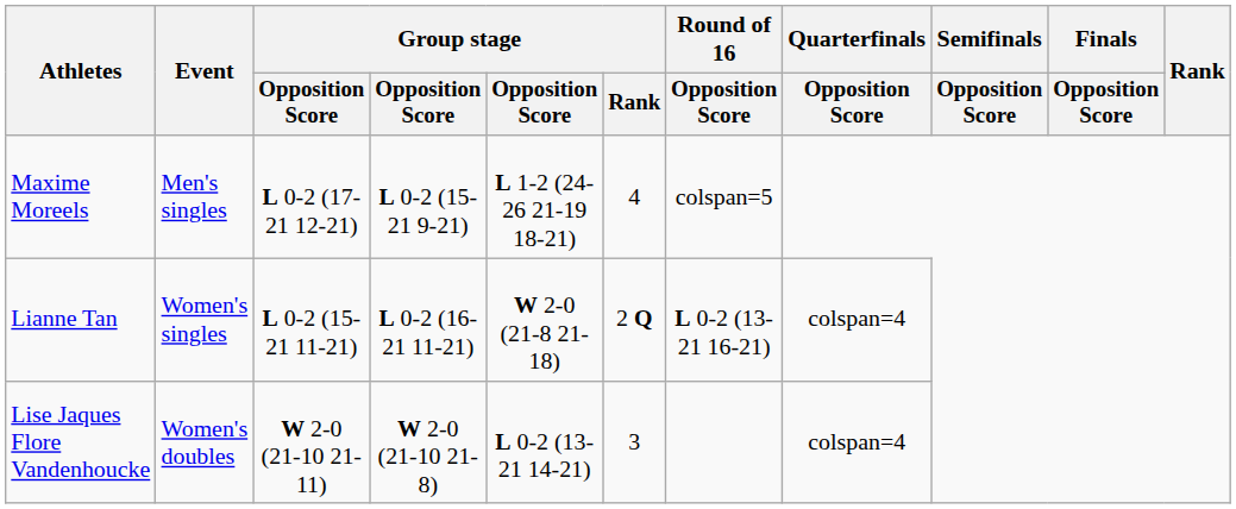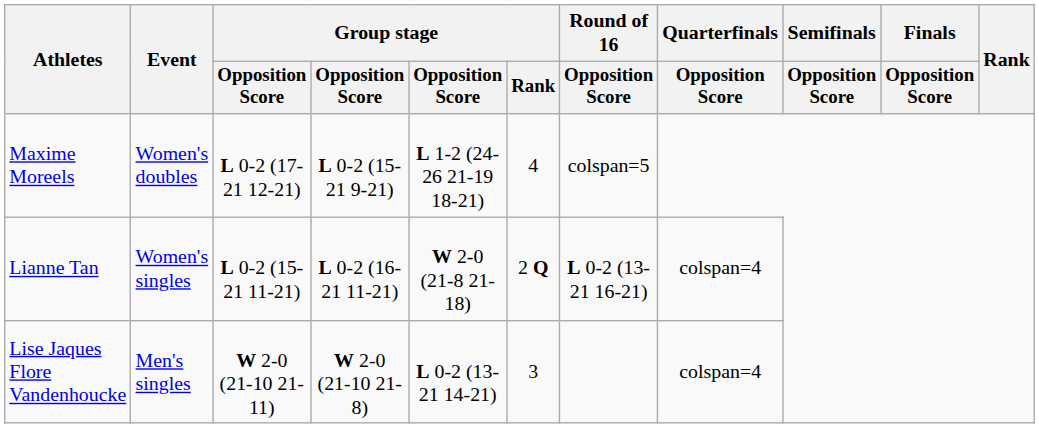 <table class=wikitable style="font-size:90%">
 <tr>
 <th rowspan="2">Athletes</th>
 <th rowspan="2">Event</th>
 <th colspan="4">Group stage</th>
 <th>Round of 16</th>
 <th>Quarterfinals</th>
 <th>Semifinals</th>
 <th>Finals</th>
 <th rowspan="2">Rank</th>
 </tr>
 <tr style="font-size:95%">
 <th>Opposition<br>Score</th>
 <th>Opposition<br>Score</th>
 <th>Opposition<br>Score</th>
 <th>Rank</th>
 <th>Opposition<br>Score</th>
 <th>Opposition<br>Score</th>
 <th>Opposition<br>Score</th>
 <th>Opposition<br>Score</th>
 </tr>
 <tr align=center>
 <td align=left><a href='#'>Maxime Moreels</a></td>
-<td align=left><a href='#'>Men's singles</a></td>
+<td align=left><a href='#'>Women's doubles</a></td>
 <td><br><strong>L</strong> 0-2 (17-21 12-21)</td>
 <td><br><strong>L</strong> 0-2 (15-21 9-21)</td>
 <td><br><strong>L</strong> 1-2 (24-26 21-19 18-21)</td>
 <td>4</td>
 <td>colspan=5 </td>
 </tr>
 <tr align=center>
 <td align=left><a href='#'>Lianne Tan</a></td>
 <td align=left><a href='#'>Women's singles</a></td>
 <td><br><strong>L</strong> 0-2 (15-21 11-21)</td>
 <td><br><strong>L</strong> 0-2 (16-21 11-21)</td>
 <td><br><strong>W</strong> 2-0 (21-8 21-18)</td>
 <td>2 <strong>Q</strong></td>
 <td><br><strong>L</strong> 0-2 (13-21 16-21)</td>
 <td>colspan=4 </td>
 </tr>
 <tr align=center>
 <td align=left><a href='#'>Lise Jaques</a><br><a href='#'>Flore Vandenhoucke</a></td>
-<td align=left><a href='#'>Women's doubles</a></td>
+<td align=left><a href='#'>Men's singles</a></td>
 <td><br><strong>W</strong> 2-0 (21-10 21-11)</td>
 <td><br><strong>W</strong> 2-0 (21-10 21-8)</td>
 <td><br><strong>L</strong> 0-2 (13-21 14-21)</td>
 <td>3</td>
 <td></td>
 <td>colspan=4 </td>
 </tr>
 </table>
